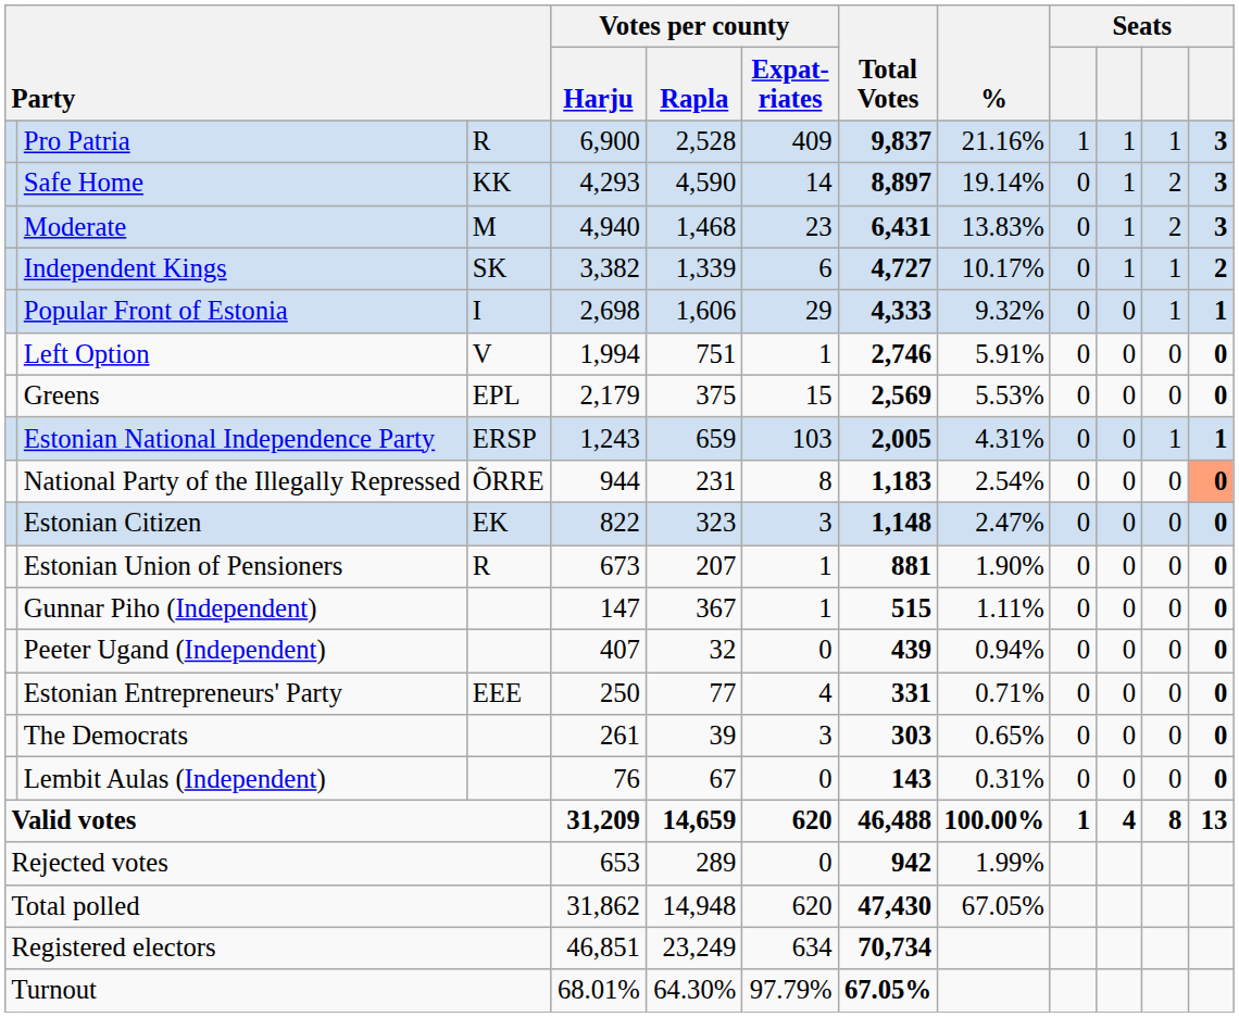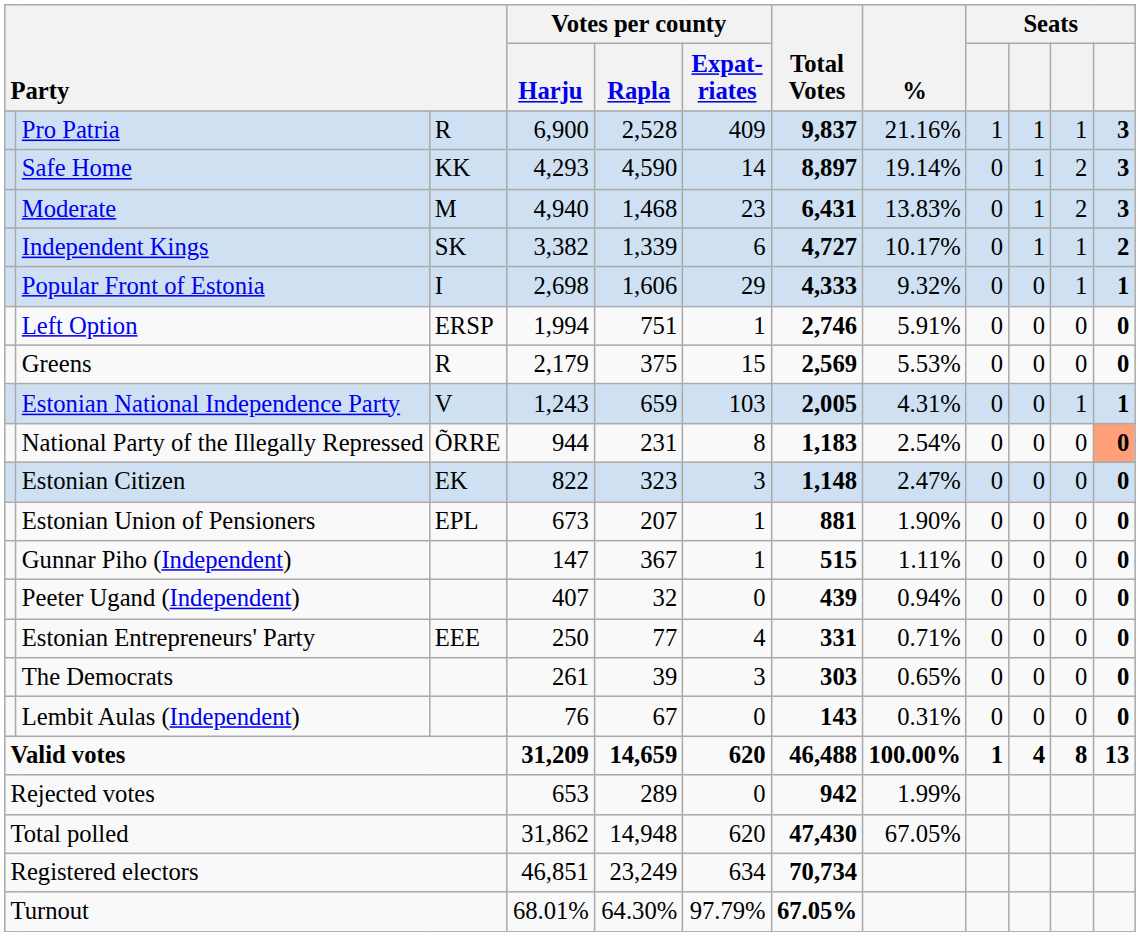 <table class="wikitable" border="1" style="text-align:right;">
 <tr>
 <th style="text-align:left;" valign=bottom rowspan=2 colspan=3>Party</th>
 <th colspan=3>Votes per county</th>
 <th align=center valign=bottom rowspan=2 width="50">Total Votes</th>
 <th align=center valign=bottom rowspan=2 width="50">%</th>
 <th colspan=4>Seats</th>
 </tr>
 <tr>
 <th align=center valign=bottom width="50"><a href='#'>Harju</a></th>
 <th align=center valign=bottom width="50"><a href='#'>Rapla</a></th>
 <th align=center valign=bottom width="50"><a href='#'>Expat- riates</a></th>
 <th align=center valign=bottom width="20"><small></small></th>
 <th align=center valign=bottom width="20"><small></small></th>
 <th align=center valign=bottom width="20"><small></small></th>
 <th align=center valign=bottom width="20"><small></small></th>
 </tr>
 <tr style="background:#CEE0F2;">
 <td style="background:"></td>
 <td align=left><a href='#'>Pro Patria</a></td>
 <td align=left>R</td>
 <td>6,900</td>
 <td>2,528</td>
 <td>409</td>
 <td><strong>9,837</strong></td>
 <td>21.16%</td>
 <td>1</td>
 <td>1</td>
 <td>1</td>
 <td><strong>3</strong></td>
 </tr>
 <tr style="background:#CEE0F2;">
 <td style="background:"></td>
 <td align=left><a href='#'>Safe Home</a></td>
 <td align=left>KK</td>
 <td>4,293</td>
 <td>4,590</td>
 <td>14</td>
 <td><strong>8,897</strong></td>
 <td>19.14%</td>
 <td>0</td>
 <td>1</td>
 <td>2</td>
 <td><strong>3</strong></td>
 </tr>
 <tr style="background:#CEE0F2;">
 <td style="background:"></td>
 <td align=left><a href='#'>Moderate</a></td>
 <td align=left>M</td>
 <td>4,940</td>
 <td>1,468</td>
 <td>23</td>
 <td><strong>6,431</strong></td>
 <td>13.83%</td>
 <td>0</td>
 <td>1</td>
 <td>2</td>
 <td><strong>3</strong></td>
 </tr>
 <tr style="background:#CEE0F2;">
 <td></td>
 <td align=left><a href='#'>Independent Kings</a></td>
 <td align=left>SK</td>
 <td>3,382</td>
 <td>1,339</td>
 <td>6</td>
 <td><strong>4,727</strong></td>
 <td>10.17%</td>
 <td>0</td>
 <td>1</td>
 <td>1</td>
 <td><strong>2</strong></td>
 </tr>
 <tr style="background:#CEE0F2;">
 <td style="background:"></td>
 <td align=left><a href='#'>Popular Front of Estonia</a></td>
 <td align=left>I</td>
 <td>2,698</td>
 <td>1,606</td>
 <td>29</td>
 <td><strong>4,333</strong></td>
 <td>9.32%</td>
 <td>0</td>
 <td>0</td>
 <td>1</td>
 <td><strong>1</strong></td>
 </tr>
 <tr>
 <td style="background:"></td>
 <td align=left><a href='#'>Left Option</a></td>
-<td align=left>V</td>
+<td align=left>ERSP</td>
 <td>1,994</td>
 <td>751</td>
 <td>1</td>
 <td><strong>2,746</strong></td>
 <td>5.91%</td>
 <td>0</td>
 <td>0</td>
 <td>0</td>
 <td><strong>0</strong></td>
 </tr>
 <tr>
 <td></td>
 <td align=left>Greens</td>
-<td align=left>EPL</td>
+<td align=left>R</td>
 <td>2,179</td>
 <td>375</td>
 <td>15</td>
 <td><strong>2,569</strong></td>
 <td>5.53%</td>
 <td>0</td>
 <td>0</td>
 <td>0</td>
 <td><strong>0</strong></td>
 </tr>
 <tr style="background:#CEE0F2;">
 <td></td>
 <td align=left><a href='#'>Estonian National Independence Party</a></td>
-<td align=left>ERSP</td>
+<td align=left>V</td>
 <td>1,243</td>
 <td>659</td>
 <td>103</td>
 <td><strong>2,005</strong></td>
 <td>4.31%</td>
 <td>0</td>
 <td>0</td>
 <td>1</td>
 <td><strong>1</strong></td>
 </tr>
 <tr>
 <td></td>
 <td align=left>National Party of the Illegally Repressed</td>
 <td align=left>ÕRRE</td>
 <td>944</td>
 <td>231</td>
 <td>8</td>
 <td><strong>1,183</strong></td>
 <td>2.54%</td>
 <td>0</td>
 <td>0</td>
 <td>0</td>
 <td style="background: lightsalmon;"><strong>0</strong></td>
 </tr>
 <tr style="background:#CEE0F2;">
 <td></td>
 <td align=left>Estonian Citizen</td>
 <td align=left>EK</td>
 <td>822</td>
 <td>323</td>
 <td>3</td>
 <td><strong>1,148</strong></td>
 <td>2.47%</td>
 <td>0</td>
 <td>0</td>
 <td>0</td>
 <td><strong>0</strong></td>
 </tr>
 <tr>
 <td></td>
 <td align=left>Estonian Union of Pensioners</td>
-<td align=left>R</td>
+<td align=left>EPL</td>
 <td>673</td>
 <td>207</td>
 <td>1</td>
 <td><strong>881</strong></td>
 <td>1.90%</td>
 <td>0</td>
 <td>0</td>
 <td>0</td>
 <td><strong>0</strong></td>
 </tr>
 <tr>
 <td style="background:"></td>
 <td align=left>Gunnar Piho (<a href='#'>Independent</a>)</td>
 <td></td>
 <td>147</td>
 <td>367</td>
 <td>1</td>
 <td><strong>515</strong></td>
 <td>1.11%</td>
 <td>0</td>
 <td>0</td>
 <td>0</td>
 <td><strong>0</strong></td>
 </tr>
 <tr>
 <td style="background:"></td>
 <td align=left>Peeter Ugand (<a href='#'>Independent</a>)</td>
 <td></td>
 <td>407</td>
 <td>32</td>
 <td>0</td>
 <td><strong>439</strong></td>
 <td>0.94%</td>
 <td>0</td>
 <td>0</td>
 <td>0</td>
 <td><strong>0</strong></td>
 </tr>
 <tr>
 <td></td>
 <td align=left>Estonian Entrepreneurs' Party</td>
 <td align=left>EEE</td>
 <td>250</td>
 <td>77</td>
 <td>4</td>
 <td><strong>331</strong></td>
 <td>0.71%</td>
 <td>0</td>
 <td>0</td>
 <td>0</td>
 <td><strong>0</strong></td>
 </tr>
 <tr>
 <td></td>
 <td align=left>The Democrats</td>
 <td></td>
 <td>261</td>
 <td>39</td>
 <td>3</td>
 <td><strong>303</strong></td>
 <td>0.65%</td>
 <td>0</td>
 <td>0</td>
 <td>0</td>
 <td><strong>0</strong></td>
 </tr>
 <tr>
 <td style="background:"></td>
 <td align=left>Lembit Aulas (<a href='#'>Independent</a>)</td>
 <td></td>
 <td>76</td>
 <td>67</td>
 <td>0</td>
 <td><strong>143</strong></td>
 <td>0.31%</td>
 <td>0</td>
 <td>0</td>
 <td>0</td>
 <td><strong>0</strong></td>
 </tr>
 <tr style="font-weight:bold">
 <td align=left colspan=3>Valid votes</td>
 <td>31,209</td>
 <td>14,659</td>
 <td>620</td>
 <td>46,488</td>
 <td>100.00%</td>
 <td>1</td>
 <td>4</td>
 <td>8</td>
 <td>13</td>
 </tr>
 <tr>
 <td align=left colspan=3>Rejected votes</td>
 <td>653</td>
 <td>289</td>
 <td>0</td>
 <td><strong>942</strong></td>
 <td>1.99%</td>
 <td></td>
 <td></td>
 <td></td>
 <td></td>
 </tr>
 <tr>
 <td align=left colspan=3>Total polled</td>
 <td>31,862</td>
 <td>14,948</td>
 <td>620</td>
 <td><strong>47,430</strong></td>
 <td>67.05%</td>
 <td></td>
 <td></td>
 <td></td>
 <td></td>
 </tr>
 <tr>
 <td align=left colspan=3>Registered electors</td>
 <td>46,851</td>
 <td>23,249</td>
 <td>634</td>
 <td><strong>70,734</strong></td>
 <td></td>
 <td></td>
 <td></td>
 <td></td>
 <td></td>
 </tr>
 <tr>
 <td align=left colspan=3>Turnout</td>
 <td>68.01%</td>
 <td>64.30%</td>
 <td>97.79%</td>
 <td><strong>67.05%</strong></td>
 <td></td>
 <td></td>
 <td></td>
 <td></td>
 <td></td>
 </tr>
 </table>
